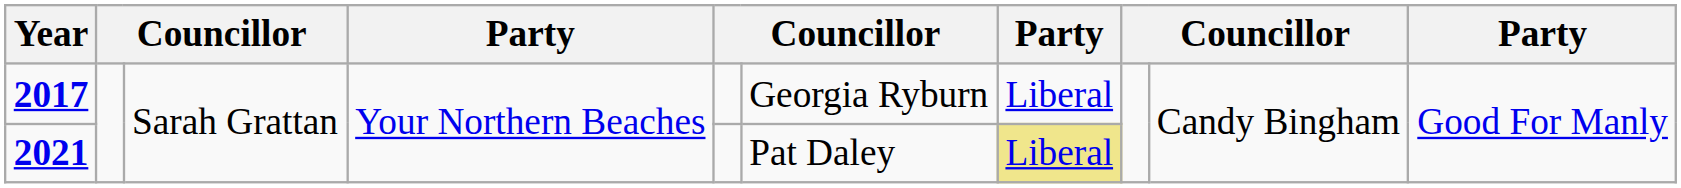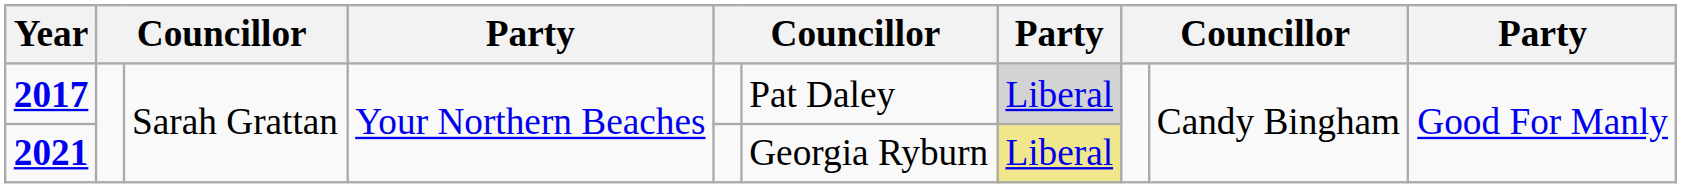 <table class="wikitable">
 <tr>
 <th>Year</th>
 <th colspan="2">Councillor</th>
 <th>Party</th>
 <th colspan="2">Councillor</th>
 <th>Party</th>
 <th colspan="2">Councillor</th>
 <th>Party</th>
 </tr>
 <tr>
 <td><strong><a href='#'>2017</a></strong></td>
 <td rowspan="2" width="1px" > </td>
 <td rowspan="2">Sarah Grattan</td>
 <td rowspan="2"><a href='#'>Your Northern Beaches</a></td>
 <td rowspan="1" width="1px" > </td>
-<td rowspan="1">Georgia Ryburn</td>
-<td rowspan="1"><a href='#'>Liberal</a></td>
+<td rowspan="1">Pat Daley</td>
+<td rowspan="1" style="background: lightgrey;"><a href='#'>Liberal</a></td>
 <td rowspan="2" width="1px" > </td>
 <td rowspan="2">Candy Bingham</td>
 <td rowspan="2"><a href='#'>Good For Manly</a></td>
 </tr>
 <tr>
 <td><strong><a href='#'>2021</a></strong></td>
 <td rowspan="1" width="1px" > </td>
-<td rowspan="1">Pat Daley</td>
+<td rowspan="1">Georgia Ryburn</td>
 <td rowspan="1" style="background: khaki;"><a href='#'>Liberal</a></td>
 </tr>
 </table>
